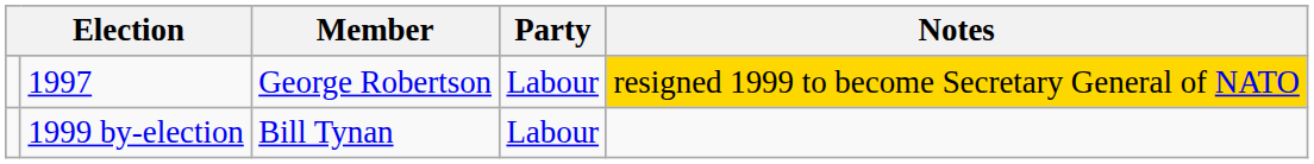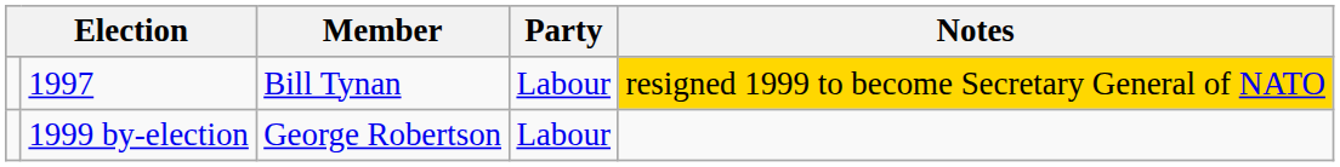 <table class="wikitable">
 <tr>
 <th colspan="2">Election</th>
 <th>Member</th>
 <th>Party</th>
 <th>Notes</th>
 </tr>
 <tr>
 <td style="color:inherit;background-color: "></td>
 <td><a href='#'>1997</a></td>
-<td><a href='#'>George Robertson</a></td>
+<td><a href='#'>Bill Tynan</a></td>
 <td><a href='#'>Labour</a></td>
 <td style="background: gold;">resigned 1999 to become Secretary General of <a href='#'>NATO</a></td>
 </tr>
 <tr>
 <td style="color:inherit;background-color: "></td>
 <td><a href='#'>1999 by-election</a></td>
-<td><a href='#'>Bill Tynan</a></td>
+<td><a href='#'>George Robertson</a></td>
 <td><a href='#'>Labour</a></td>
 </tr>
 </table>
